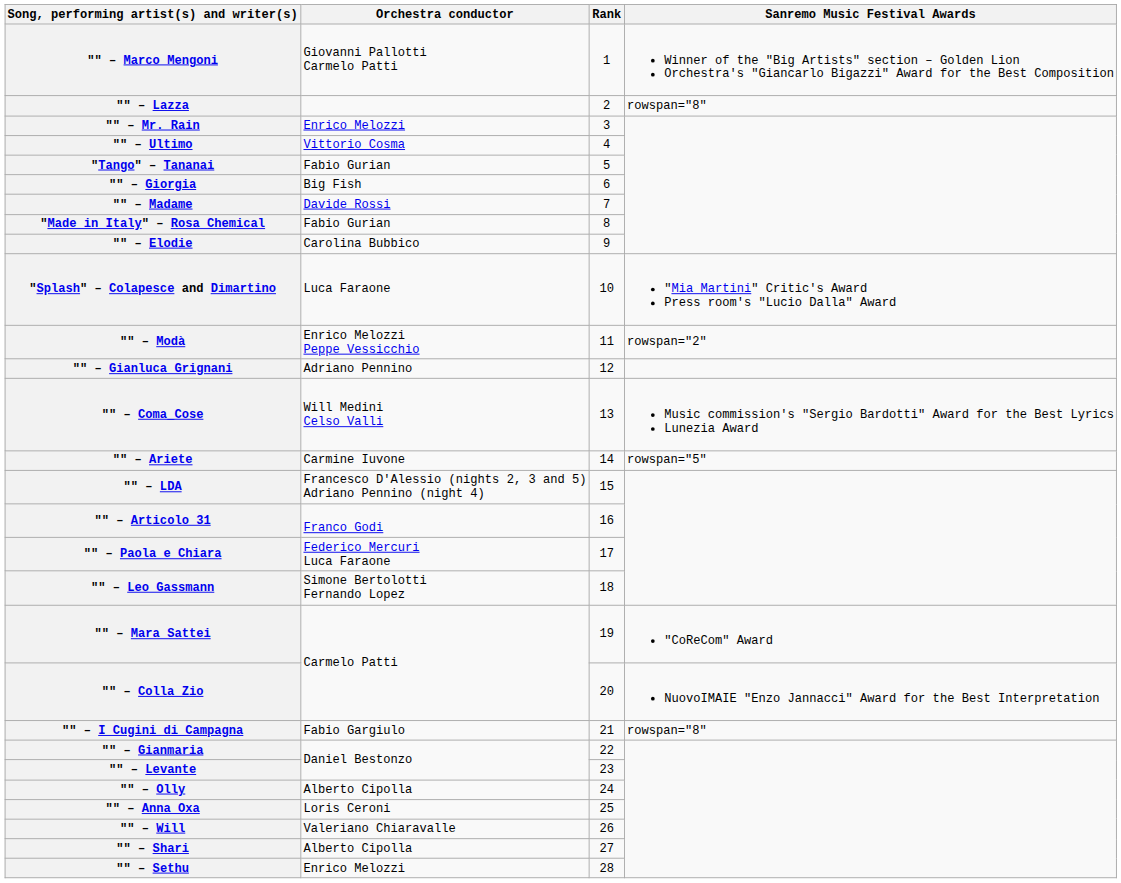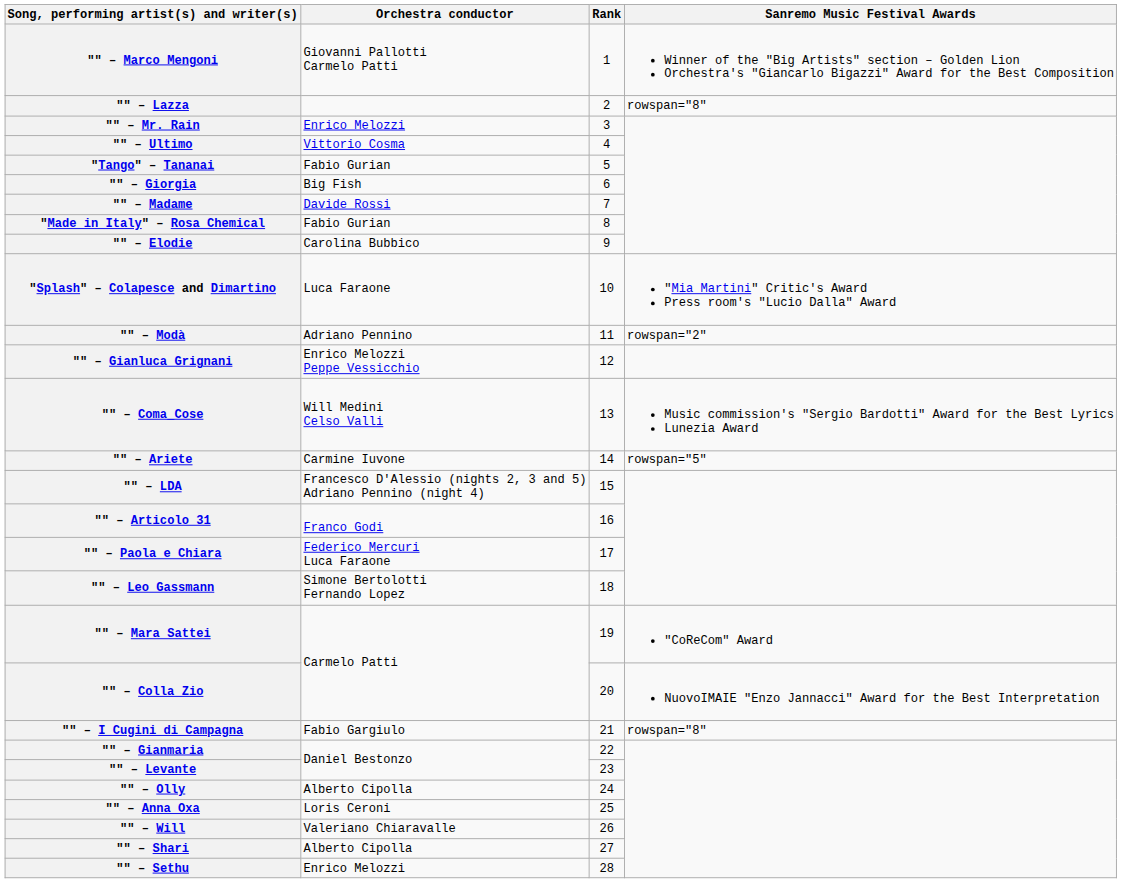 <table class="plainrowheaders wikitable" style="margin: 1em auto 1em auto">
 <tr>
 <th>Song, performing artist(s) and writer(s)</th>
 <th>Orchestra conductor</th>
 <th>Rank</th>
 <th>Sanremo Music Festival Awards</th>
 </tr>
 <tr>
 <th scope="row">"" – <a href='#'>Marco Mengoni</a><br></th>
 <td>Giovanni Pallotti <br>Carmelo Patti </td>
 <td align="center">1</td>
 <td><br><ul><li>Winner of the "Big Artists" section – Golden Lion</li><li>Orchestra's "Giancarlo Bigazzi" Award for the Best Composition</li></ul></td>
 </tr>
 <tr>
 <th scope="row">"" – <a href='#'>Lazza</a><br></th>
 <td></td>
 <td align="center">2</td>
 <td>rowspan="8" </td>
 </tr>
 <tr>
 <th scope="row">"" – <a href='#'>Mr. Rain</a><br></th>
 <td><a href='#'>Enrico Melozzi</a></td>
 <td align="center">3</td>
 </tr>
 <tr>
 <th scope="row">"" – <a href='#'>Ultimo</a><br></th>
 <td><a href='#'>Vittorio Cosma</a></td>
 <td align="center">4</td>
 </tr>
 <tr>
 <th scope="row">"<a href='#'>Tango</a>" – <a href='#'>Tananai</a><br></th>
 <td>Fabio Gurian</td>
 <td align="center">5</td>
 </tr>
 <tr>
 <th scope="row">"" – <a href='#'>Giorgia</a><br></th>
 <td>Big Fish</td>
 <td align="center">6</td>
 </tr>
 <tr>
 <th scope="row">"" – <a href='#'>Madame</a><br></th>
 <td><a href='#'>Davide Rossi</a></td>
 <td align="center">7</td>
 </tr>
 <tr>
 <th scope="row">"<a href='#'>Made in Italy</a>" – <a href='#'>Rosa Chemical</a><br></th>
 <td>Fabio Gurian</td>
 <td align="center">8</td>
 </tr>
 <tr>
 <th scope="row">"" – <a href='#'>Elodie</a><br></th>
 <td>Carolina Bubbico</td>
 <td align="center">9</td>
 </tr>
 <tr>
 <th scope="row">"<a href='#'>Splash</a>" – <a href='#'>Colapesce</a> and <a href='#'>Dimartino</a><br></th>
 <td>Luca Faraone</td>
 <td align="center">10</td>
 <td><br><ul><li>"<a href='#'>Mia Martini</a>" Critic's Award</li><li>Press room's "Lucio Dalla" Award</li></ul></td>
 </tr>
 <tr>
 <th scope="row">"" – <a href='#'>Modà</a><br></th>
-<td>Enrico Melozzi <br><a href='#'>Peppe Vessicchio</a> </td>
+<td>Adriano Pennino</td>
 <td align="center">11</td>
 <td>rowspan="2" </td>
 </tr>
 <tr>
 <th scope="row">"" – <a href='#'>Gianluca Grignani</a><br></th>
-<td>Adriano Pennino</td>
+<td>Enrico Melozzi <br><a href='#'>Peppe Vessicchio</a> </td>
 <td align="center">12</td>
 </tr>
 <tr>
 <th scope="row">"" – <a href='#'>Coma_Cose</a><br></th>
 <td>Will Medini <br><a href='#'>Celso Valli</a> </td>
 <td align="center">13</td>
 <td><br><ul><li>Music commission's "Sergio Bardotti" Award for the Best Lyrics</li><li>Lunezia Award</li></ul></td>
 </tr>
 <tr>
 <th scope="row">"" – <a href='#'>Ariete</a><br></th>
 <td>Carmine Iuvone</td>
 <td align="center">14</td>
 <td>rowspan="5" </td>
 </tr>
 <tr>
 <th scope="row">"" – <a href='#'>LDA</a><br></th>
 <td>Francesco D'Alessio (nights 2, 3 and 5)<br>Adriano Pennino (night 4)</td>
 <td align="center">15</td>
 </tr>
 <tr>
 <th scope="row">"" – <a href='#'>Articolo 31</a><br></th>
 <td> <br><a href='#'>Franco Godi</a> </td>
 <td align="center">16</td>
 </tr>
 <tr>
 <th scope="row">"" – <a href='#'>Paola e Chiara</a><br></th>
 <td><a href='#'>Federico Mercuri</a> <br>Luca Faraone </td>
 <td align="center">17</td>
 </tr>
 <tr>
 <th scope="row">"" – <a href='#'>Leo Gassmann</a><br></th>
 <td>Simone Bertolotti <br>Fernando Lopez </td>
 <td align="center">18</td>
 </tr>
 <tr>
 <th scope="row">"" – <a href='#'>Mara Sattei</a><br></th>
 <td rowspan="2">Carmelo Patti</td>
 <td align="center">19</td>
 <td><br><ul><li>"CoReCom" Award</li></ul></td>
 </tr>
 <tr>
 <th scope="row">"" – <a href='#'>Colla Zio</a><br></th>
 <td align="center">20</td>
 <td><br><ul><li>NuovoIMAIE "Enzo Jannacci" Award for the Best Interpretation</li></ul></td>
 </tr>
 <tr>
 <th scope="row">"" – <a href='#'>I Cugini di Campagna</a><br></th>
 <td>Fabio Gargiulo</td>
 <td align="center">21</td>
 <td>rowspan="8" </td>
 </tr>
 <tr>
 <th scope="row">"" – <a href='#'>Gianmaria</a><br></th>
 <td rowspan="2">Daniel Bestonzo</td>
 <td align="center">22</td>
 </tr>
 <tr>
 <th scope="row">"" – <a href='#'>Levante</a><br></th>
 <td align="center">23</td>
 </tr>
 <tr>
 <th scope="row">"" – <a href='#'>Olly</a><br></th>
 <td>Alberto Cipolla</td>
 <td align="center">24</td>
 </tr>
 <tr>
 <th scope="row">"" – <a href='#'>Anna Oxa</a><br></th>
 <td>Loris Ceroni</td>
 <td align="center">25</td>
 </tr>
 <tr>
 <th scope="row">"" – <a href='#'>Will</a><br></th>
 <td>Valeriano Chiaravalle</td>
 <td align="center">26</td>
 </tr>
 <tr>
 <th scope="row">"" – <a href='#'>Shari</a><br></th>
 <td>Alberto Cipolla</td>
 <td align="center">27</td>
 </tr>
 <tr>
 <th scope="row">"" – <a href='#'>Sethu</a><br></th>
 <td>Enrico Melozzi</td>
 <td align="center">28</td>
 </tr>
 </table>
